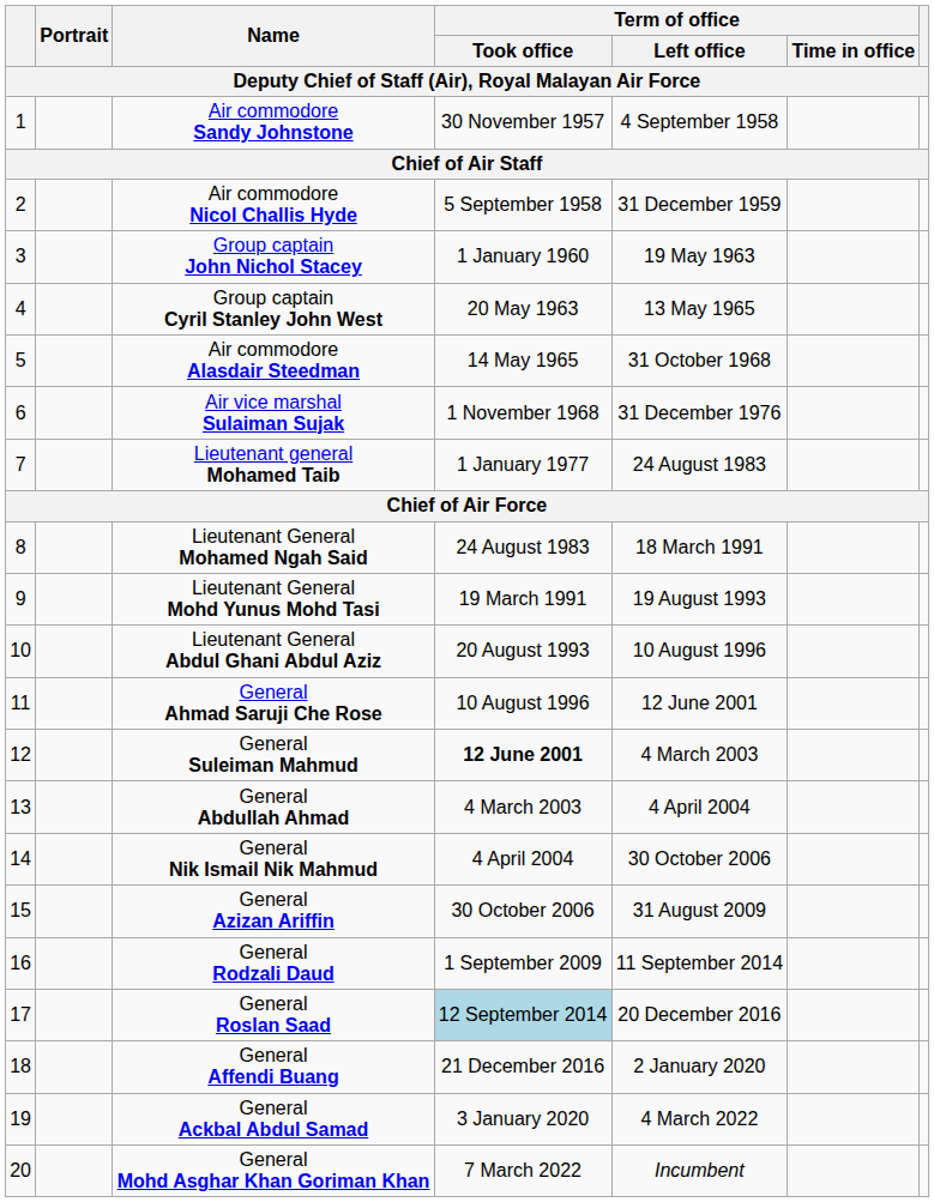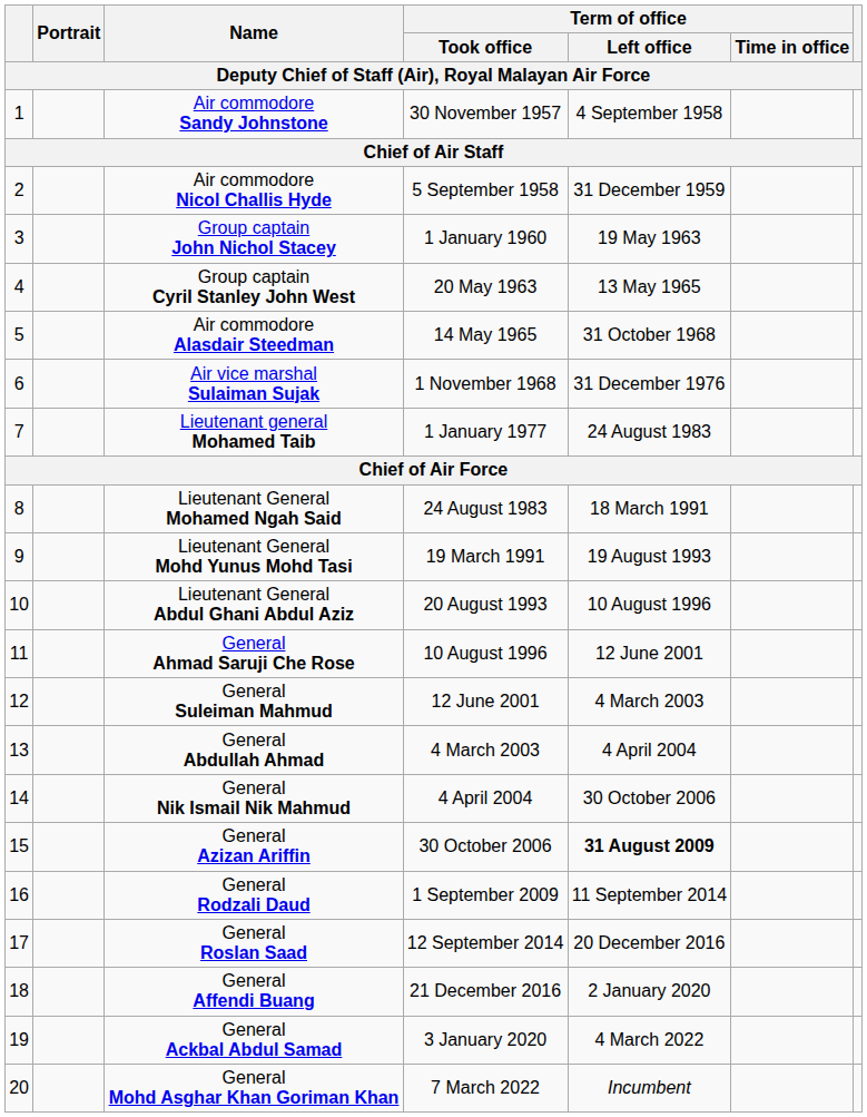 <table class="wikitable" style="text-align:center">
 <tr>
 <th rowspan=2></th>
 <th rowspan=2>Portrait</th>
 <th rowspan=2>Name<br></th>
 <th colspan=3>Term of office</th>
 <th rowspan=2></th>
 </tr>
 <tr>
 <th>Took office</th>
 <th>Left office</th>
 <th>Time in office</th>
 </tr>
 <tr>
 <th colspan=7>Deputy Chief of Staff (Air), Royal Malayan Air Force</th>
 </tr>
 <tr>
 <td>1</td>
 <td></td>
 <td><a href='#'>Air commodore</a><br><strong><a href='#'>Sandy Johnstone</a></strong><br></td>
 <td>30 November 1957</td>
 <td>4 September 1958</td>
 <td></td>
 <td></td>
 </tr>
 <tr>
 <th colspan=7>Chief of Air Staff</th>
 </tr>
 <tr>
 <td>2</td>
 <td></td>
 <td>Air commodore<br><strong><a href='#'>Nicol Challis Hyde</a></strong><br></td>
 <td>5 September 1958</td>
 <td>31 December 1959</td>
 <td></td>
 <td></td>
 </tr>
 <tr>
 <td>3</td>
 <td></td>
 <td><a href='#'>Group captain</a><br><strong><a href='#'>John Nichol Stacey</a></strong><br></td>
 <td>1 January 1960</td>
 <td>19 May 1963</td>
 <td></td>
 <td></td>
 </tr>
 <tr>
 <td>4</td>
 <td></td>
 <td>Group captain<br><strong>Cyril Stanley John West</strong><br></td>
 <td>20 May 1963</td>
 <td>13 May 1965</td>
 <td></td>
 <td></td>
 </tr>
 <tr>
 <td>5</td>
 <td></td>
 <td>Air commodore<br><strong><a href='#'>Alasdair Steedman</a></strong><br></td>
 <td>14 May 1965</td>
 <td>31 October 1968</td>
 <td></td>
 <td></td>
 </tr>
 <tr>
 <td>6</td>
 <td></td>
 <td><a href='#'>Air vice marshal</a> <br><strong><a href='#'>Sulaiman Sujak</a></strong><br></td>
 <td>1 November 1968</td>
 <td>31 December 1976</td>
 <td></td>
 <td></td>
 </tr>
 <tr>
 <td>7</td>
 <td></td>
 <td><a href='#'>Lieutenant general</a> <br><strong>Mohamed Taib</strong><br></td>
 <td>1 January 1977</td>
 <td>24 August 1983</td>
 <td></td>
 <td></td>
 </tr>
 <tr>
 <th colspan=7>Chief of Air Force</th>
 </tr>
 <tr>
 <td>8</td>
 <td></td>
 <td>Lieutenant General <br><strong>Mohamed Ngah Said</strong><br></td>
 <td>24 August 1983</td>
 <td>18 March 1991</td>
 <td></td>
 <td></td>
 </tr>
 <tr>
 <td>9</td>
 <td></td>
 <td>Lieutenant General <br><strong>Mohd Yunus Mohd Tasi</strong><br></td>
 <td>19 March 1991</td>
 <td>19 August 1993</td>
 <td></td>
 <td></td>
 </tr>
 <tr>
 <td>10</td>
 <td></td>
 <td>Lieutenant General <br><strong>Abdul Ghani Abdul Aziz</strong><br></td>
 <td>20 August 1993</td>
 <td>10 August 1996</td>
 <td></td>
 <td></td>
 </tr>
 <tr>
 <td>11</td>
 <td></td>
 <td><a href='#'>General</a> <br><strong>Ahmad Saruji Che Rose</strong><br></td>
 <td>10 August 1996</td>
 <td>12 June 2001</td>
 <td></td>
 <td></td>
 </tr>
 <tr>
 <td>12</td>
 <td></td>
 <td>General <br><strong>Suleiman Mahmud</strong><br></td>
-<td><strong>12 June 2001</strong></td>
+<td>12 June 2001</td>
 <td>4 March 2003</td>
 <td></td>
 <td></td>
 </tr>
 <tr>
 <td>13</td>
 <td></td>
 <td>General <br><strong>Abdullah Ahmad</strong><br></td>
 <td>4 March 2003</td>
 <td>4 April 2004</td>
 <td></td>
 <td></td>
 </tr>
 <tr>
 <td>14</td>
 <td></td>
 <td>General <br><strong>Nik Ismail Nik Mahmud</strong><br></td>
 <td>4 April 2004</td>
 <td>30 October 2006</td>
 <td></td>
 <td></td>
 </tr>
 <tr>
 <td>15</td>
 <td></td>
 <td>General <br><strong><a href='#'>Azizan Ariffin</a></strong><br></td>
 <td>30 October 2006</td>
-<td>31 August 2009</td>
+<td><strong>31 August 2009</strong></td>
 <td></td>
 <td></td>
 </tr>
 <tr>
 <td>16</td>
 <td></td>
 <td>General <br><strong><a href='#'>Rodzali Daud</a></strong><br></td>
 <td>1 September 2009</td>
 <td>11 September 2014</td>
 <td></td>
 <td></td>
 </tr>
 <tr>
 <td>17</td>
 <td></td>
 <td>General <br><strong><a href='#'>Roslan Saad</a></strong><br></td>
-<td style="background: lightblue;">12 September 2014</td>
+<td>12 September 2014</td>
 <td>20 December 2016</td>
 <td></td>
 <td></td>
 </tr>
 <tr>
 <td>18</td>
 <td></td>
 <td>General <br><strong><a href='#'>Affendi Buang</a></strong><br></td>
 <td>21 December 2016</td>
 <td>2 January 2020</td>
 <td></td>
 <td></td>
 </tr>
 <tr>
 <td>19</td>
 <td></td>
 <td>General <br><strong><a href='#'>Ackbal Abdul Samad</a></strong><br></td>
 <td>3 January 2020</td>
 <td>4 March 2022</td>
 <td></td>
 <td></td>
 </tr>
 <tr>
 <td>20</td>
 <td></td>
 <td>General <br><strong><a href='#'>Mohd Asghar Khan Goriman Khan</a></strong><br></td>
 <td>7 March 2022</td>
 <td><em>Incumbent</em></td>
 <td></td>
 <td></td>
 </tr>
 </table>
